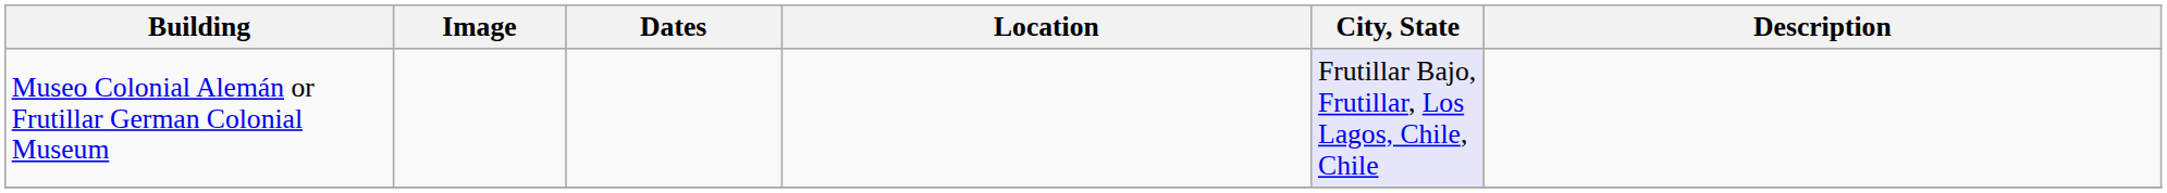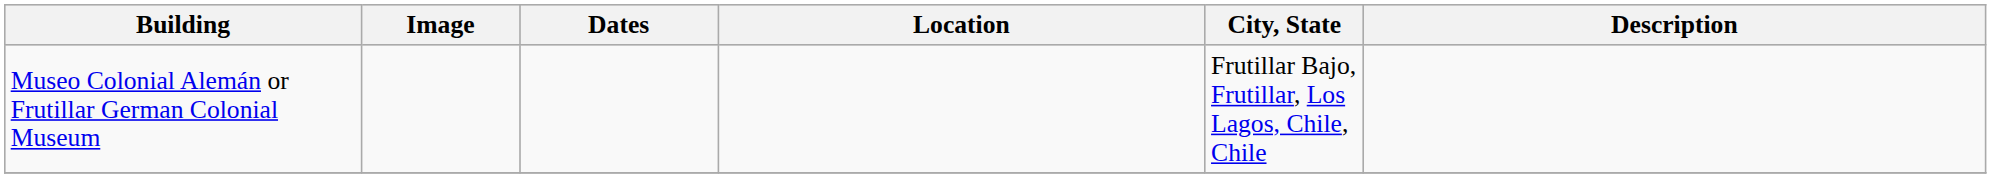 <table class="wikitable sortable" style="width:98%">
 <tr>
 <th style="width:18%;"><strong>Building</strong></th>
 <th style="width:8%;" class="unsortable"><strong>Image</strong></th>
 <th style="width:10%;"><strong>Dates</strong></th>
 <th><strong>Location</strong></th>
 <th style="width:8%;"><strong>City, State</strong></th>
 <th><strong>Description</strong></th>
 </tr>
 <tr>
 <td><a href='#'>Museo Colonial Alemán</a> or <a href='#'>Frutillar German Colonial Museum</a></td>
 <td></td>
 <td></td>
 <td></td>
-<td style="background: lavender;">Frutillar Bajo, <a href='#'>Frutillar</a>, <a href='#'>Los Lagos, Chile</a>, <a href='#'>Chile</a></td>
+<td>Frutillar Bajo, <a href='#'>Frutillar</a>, <a href='#'>Los Lagos, Chile</a>, <a href='#'>Chile</a></td>
 <td></td>
 </tr>
 <tr>
 </tr>
 </table>
